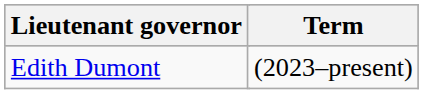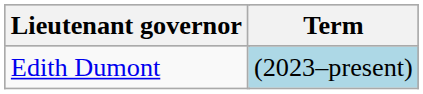 <table class="wikitable sortable">
 <tr>
 <th colspan="2">Lieutenant governor</th>
 <th>Term</th>
 </tr>
 <tr>
 <td colspan="2"><a href='#'>Edith Dumont</a></td>
-<td>(2023–present)</td>
+<td style="background: lightblue;">(2023–present)</td>
 </tr>
 </table>
